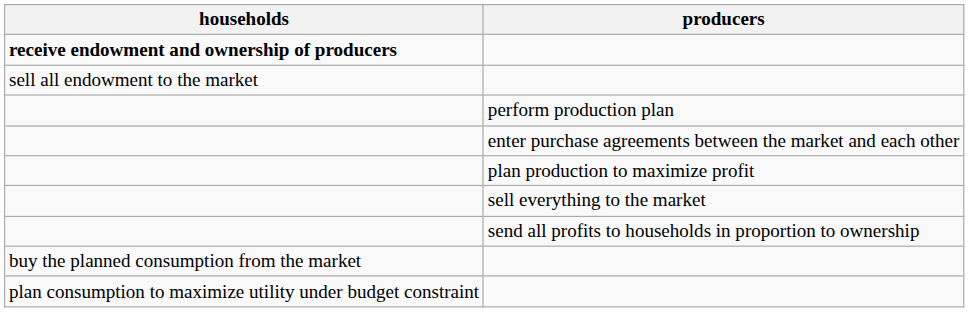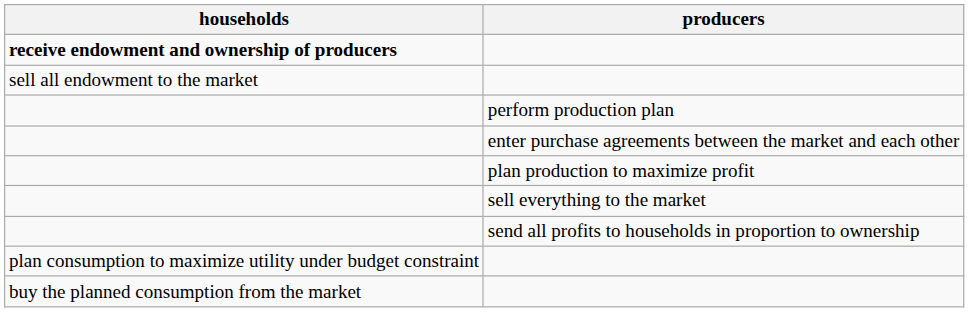 <table class="wikitable">
 <tr>
 <th>households</th>
 <th>producers</th>
 </tr>
 <tr>
 <td><strong>receive endowment and ownership of producers</strong></td>
 <td></td>
 </tr>
 <tr>
 <td>sell all endowment to the market</td>
 <td></td>
 </tr>
 <tr>
 <td></td>
 <td>perform production plan</td>
 </tr>
 <tr>
 <td></td>
 <td>enter purchase agreements between the market and each other</td>
 </tr>
 <tr>
 <td></td>
 <td>plan production to maximize profit</td>
 </tr>
 <tr>
 <td></td>
 <td>sell everything to the market</td>
 </tr>
 <tr>
 <td></td>
 <td>send all profits to households in proportion to ownership</td>
 </tr>
 <tr>
+<td>plan consumption to maximize utility under budget constraint</td>
+<td></td>
+</tr>
+<tr>
 <td>buy the planned consumption from the market</td>
 <td></td>
 </tr>
-<tr>
-<td>plan consumption to maximize utility under budget constraint</td>
-<td></td>
-</tr>
 </table>
